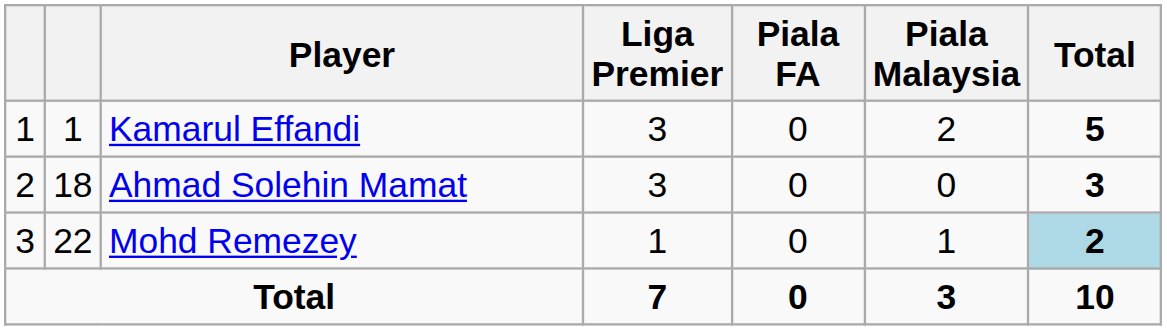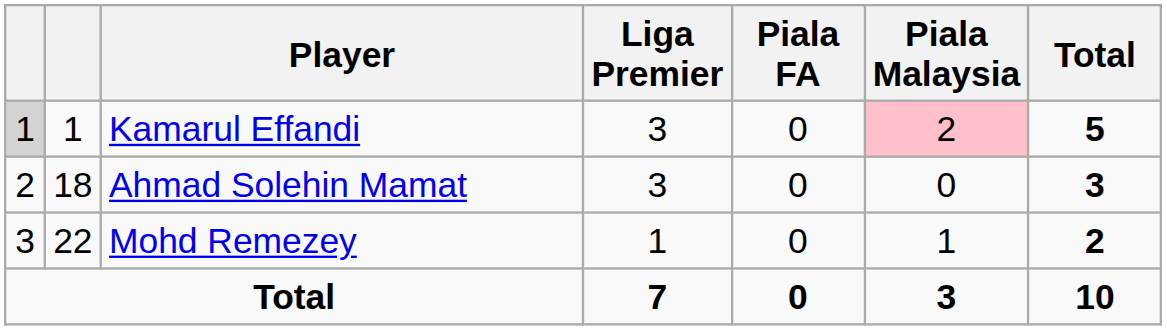 <table class="wikitable sortable" style="font-size: 95%; text-align: center;">
 <tr>
 <th width=10></th>
 <th width=10></th>
 <th width=200>Player</th>
 <th width=50>Liga Premier</th>
 <th width=50>Piala FA</th>
 <th width=50>Piala Malaysia</th>
 <th width=50>Total</th>
 </tr>
 <tr>
-<td>1</td>
+<td style="background: lightgrey;">1</td>
 <td>1</td>
 <td align=left> <a href='#'>Kamarul Effandi</a></td>
 <td>3</td>
 <td>0</td>
-<td>2</td>
+<td style="background: pink;">2</td>
 <td><strong>5</strong></td>
 </tr>
 <tr>
 <td>2</td>
 <td>18</td>
 <td align=left> <a href='#'>Ahmad Solehin Mamat</a></td>
 <td>3</td>
 <td>0</td>
 <td>0</td>
 <td><strong>3</strong></td>
 </tr>
 <tr>
 <td>3</td>
 <td>22</td>
 <td align=left> <a href='#'>Mohd Remezey</a></td>
 <td>1</td>
 <td>0</td>
 <td>1</td>
-<td style="background: lightblue;"><strong>2</strong></td>
+<td><strong>2</strong></td>
 </tr>
 <tr>
 <td colspan="3"><strong>Total</strong></td>
 <td><strong>7</strong></td>
 <td><strong>0</strong></td>
 <td><strong>3</strong></td>
 <td><strong>10</strong></td>
 </tr>
 </table>
